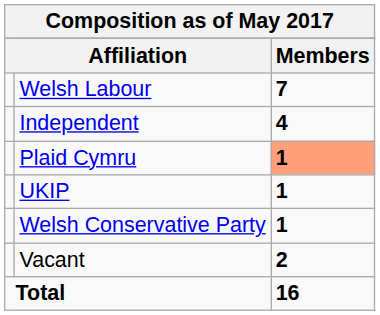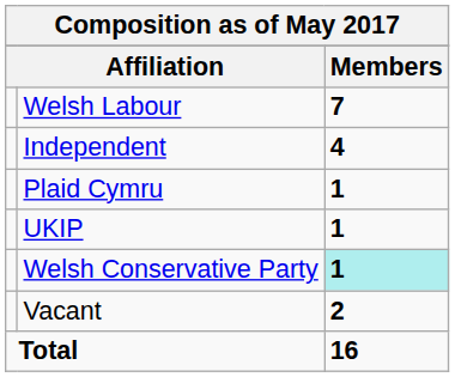 <table class="wikitable">
 <tr>
 <th colspan="3" align="center" valign="top">Composition as of May 2017</th>
 </tr>
 <tr>
 </tr>
 <tr>
 <th colspan="2" align="center" valign="top">Affiliation</th>
 <th valign="top">Members</th>
 </tr>
 <tr>
 <td></td>
 <td><a href='#'>Welsh Labour</a></td>
 <td><strong>7</strong></td>
 </tr>
 <tr>
 <td></td>
 <td><a href='#'>Independent</a></td>
 <td><strong>4</strong></td>
 </tr>
 <tr>
 <td></td>
 <td><a href='#'>Plaid Cymru</a></td>
-<td style="background: lightsalmon;"><strong>1</strong></td>
+<td><strong>1</strong></td>
 </tr>
 <tr>
 <td></td>
 <td><a href='#'>UKIP</a></td>
 <td><strong>1</strong></td>
 </tr>
 <tr>
 <td></td>
 <td><a href='#'>Welsh Conservative Party</a></td>
-<td><strong>1</strong></td>
+<td style="background: paleturquoise;"><strong>1</strong></td>
 </tr>
 <tr>
 <td></td>
 <td>Vacant</td>
 <td><strong>2</strong></td>
 </tr>
 <tr>
 <td colspan="2" rowspan="1"> <strong>Total</strong><br></td>
 <td><strong>16</strong></td>
 </tr>
 </table>
